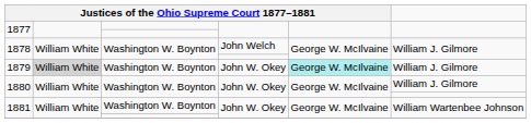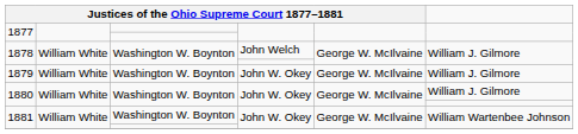 <table class="wikitable collapsible collapsed">
 <tr>
 <th colspan=5>Justices of the <a href='#'>Ohio Supreme Court</a> 1877–1881</th>
 </tr>
 <tr>
 <td rowspan=2>1877</td>
 <td rowspan=2 ></td>
 <td></td>
 <td rowspan=2 ></td>
 <td rowspan=2 ></td>
 <td rowspan=2 ></td>
 </tr>
 <tr>
 <td></td>
 </tr>
 <tr>
 <td rowspan=2>1878</td>
 <td rowspan=2 >William White</td>
 <td rowspan=2 >Washington W. Boynton</td>
 <td>John Welch</td>
 <td rowspan=2 >George W. McIlvaine</td>
 <td rowspan=2 >William J. Gilmore</td>
 </tr>
 <tr>
 <td></td>
 </tr>
 <tr>
 <td>1879</td>
-<td style="background: lightgrey;">William White</td>
+<td>William White</td>
 <td>Washington W. Boynton</td>
 <td>John W. Okey</td>
-<td style="background: paleturquoise;">George W. McIlvaine</td>
+<td>George W. McIlvaine</td>
 <td>William J. Gilmore</td>
 </tr>
 <tr>
 <td rowspan=2>1880</td>
 <td rowspan=2 >William White</td>
 <td rowspan=2 >Washington W. Boynton</td>
 <td rowspan=2 >John W. Okey</td>
 <td rowspan=2 >George W. McIlvaine</td>
 <td>William J. Gilmore</td>
 </tr>
 <tr>
 <td></td>
 </tr>
 <tr>
 <td rowspan=2>1881</td>
 <td rowspan=2 >William White</td>
 <td>Washington W. Boynton</td>
 <td rowspan=2 >John W. Okey</td>
 <td rowspan=2 >George W. McIlvaine</td>
 <td rowspan=2 >William Wartenbee Johnson</td>
 </tr>
 <tr>
 <td></td>
 </tr>
 <tr>
 </tr>
 </table>
